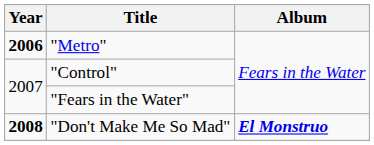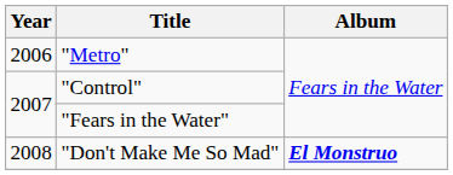 <table class="wikitable">
 <tr>
 <th>Year</th>
 <th>Title</th>
 <th>Album</th>
 </tr>
 <tr>
-<td><strong>2006</strong></td>
+<td>2006</td>
 <td>"<a href='#'>Metro</a>"</td>
 <td rowspan="3"><em><a href='#'>Fears in the Water</a></em></td>
 </tr>
 <tr>
 <td rowspan="2">2007</td>
 <td>"Control"</td>
 </tr>
 <tr>
 <td>"Fears in the Water"</td>
 </tr>
 <tr>
-<td><strong>2008</strong></td>
+<td>2008</td>
 <td>"Don't Make Me So Mad"</td>
 <td><strong><em><a href='#'>El Monstruo</a></em></strong></td>
 </tr>
 <tr>
 </tr>
 </table>
